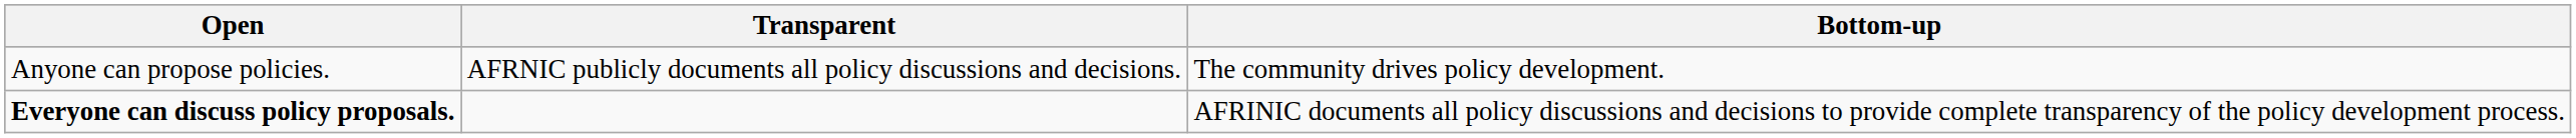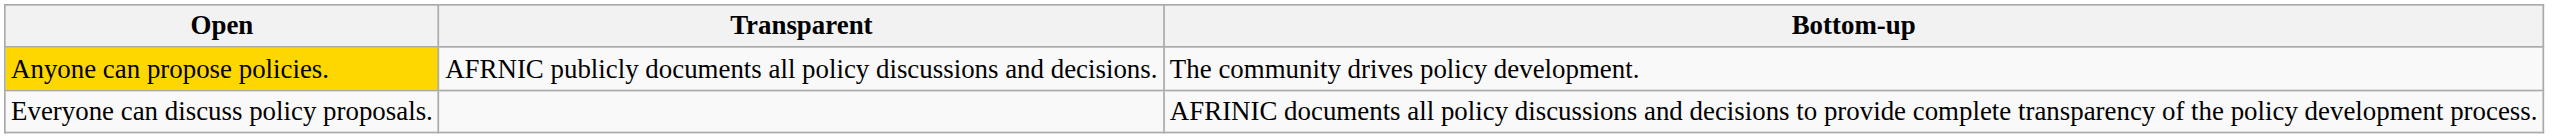 <table class="wikitable">
 <tr>
 <th>Open</th>
 <th>Transparent</th>
 <th>Bottom-up</th>
 </tr>
 <tr>
-<td>Anyone can propose policies.</td>
+<td style="background: gold;">Anyone can propose policies.</td>
 <td>AFRNIC publicly documents all policy discussions and decisions.</td>
 <td>The community drives policy development.</td>
 </tr>
 <tr>
-<td><strong>Everyone can discuss policy proposals.</strong></td>
+<td>Everyone can discuss policy proposals.</td>
 <td></td>
 <td>AFRINIC documents all policy discussions and decisions to provide complete transparency of the policy development process.</td>
 </tr>
 </table>
